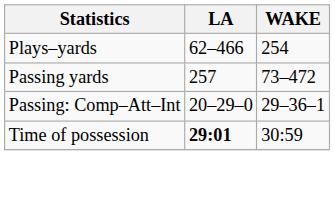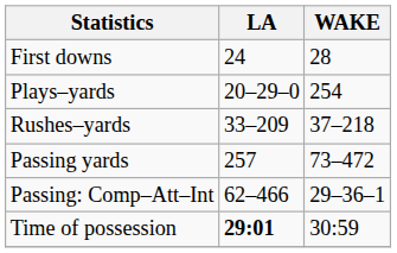 <table class="wikitable" style="float: left;">
 <tr>
 <th>Statistics</th>
 <th>LA</th>
 <th>WAKE</th>
 </tr>
 <tr>
+<td>First downs</td>
+<td>24</td>
+<td>28</td>
+</tr>
+<tr>
 <td>Plays–yards</td>
-<td>62–466</td>
+<td>20–29–0</td>
 <td>254</td>
+</tr>
+<tr>
+<td>Rushes–yards</td>
+<td>33–209</td>
+<td>37–218</td>
 </tr>
 <tr>
 <td>Passing yards</td>
 <td>257</td>
 <td>73–472</td>
 </tr>
 <tr>
 <td>Passing: Comp–Att–Int</td>
-<td>20–29–0</td>
+<td>62–466</td>
 <td>29–36–1</td>
 </tr>
 <tr>
 <td>Time of possession</td>
 <td><strong>29:01</strong></td>
 <td>30:59</td>
 </tr>
 <tr>
 </tr>
 </table>
